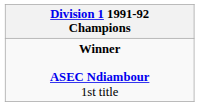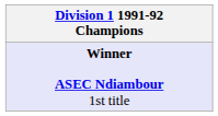 <table class="wikitable" style="margin: 0 auto; width: 240px;">
 <tr>
 <th><a href='#'>Division 1</a> 1991-92<br>Champions</th>
 </tr>
 <tr>
-<td align=center><strong>Winner</strong><br><br><strong><a href='#'>ASEC Ndiambour</a></strong><br>1st title</td>
+<td align=center style="background: lavender;"><strong>Winner</strong><br><br><strong><a href='#'>ASEC Ndiambour</a></strong><br>1st title</td>
 </tr>
 </table>
